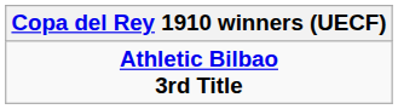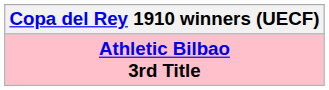 <table class="wikitable" style="text-align: center; margin: 0 auto;">
 <tr>
 <th><a href='#'>Copa del Rey</a> 1910 winners (UECF)</th>
 </tr>
 <tr>
-<td><strong><a href='#'>Athletic Bilbao</a></strong><br><strong>3rd Title</strong></td>
+<td style="background: pink;"><strong><a href='#'>Athletic Bilbao</a></strong><br><strong>3rd Title</strong></td>
 </tr>
 </table>
